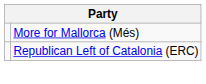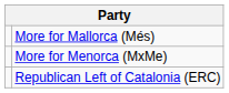 <table class="wikitable" style="text-align:left; font-size:95%;">
 <tr>
 <th colspan="2">Party</th>
 </tr>
 <tr>
 <td width="1"></td>
 <td><a href='#'>More for Mallorca</a> (Més)</td>
 </tr>
 <tr>
 <td></td>
+<td><a href='#'>More for Menorca</a> (MxMe)</td>
+</tr>
+<tr>
+<td></td>
 <td><a href='#'>Republican Left of Catalonia</a> (ERC)</td>
 </tr>
 </table>
